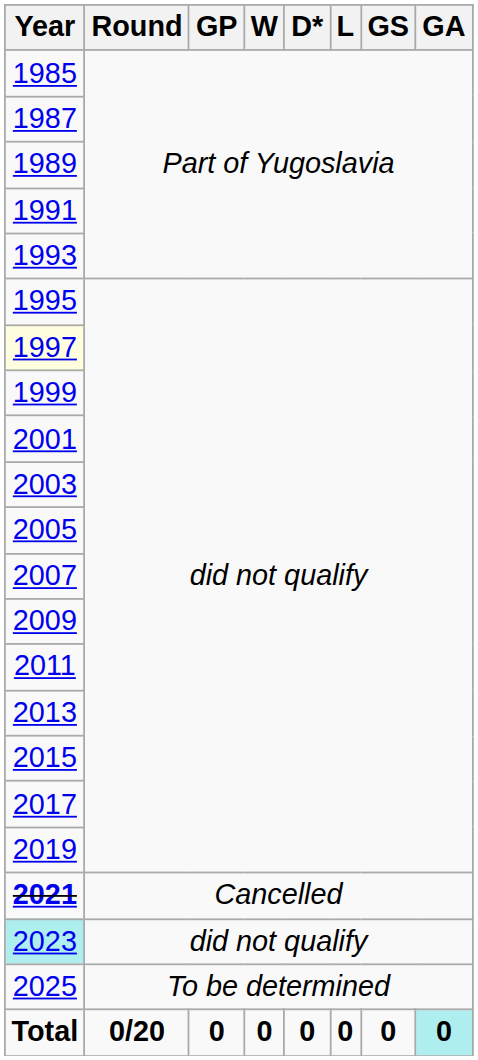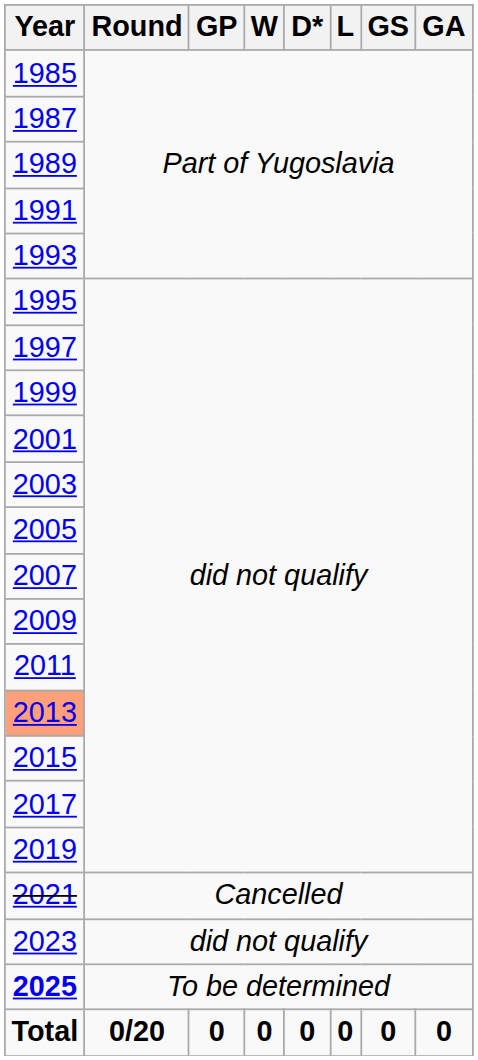 <table class="wikitable" style="text-align: center;">
 <tr>
 <th>Year</th>
 <th>Round</th>
 <th>GP</th>
 <th>W</th>
 <th>D*</th>
 <th>L</th>
 <th>GS</th>
 <th>GA</th>
 </tr>
 <tr>
 <td> <a href='#'>1985</a></td>
 <td rowspan=5 colspan=7><em>Part of Yugoslavia</em></td>
 </tr>
 <tr>
 <td> <a href='#'>1987</a></td>
 </tr>
 <tr>
 <td> <a href='#'>1989</a></td>
 </tr>
 <tr>
 <td> <a href='#'>1991</a></td>
 </tr>
 <tr>
 <td> <a href='#'>1993</a></td>
 </tr>
 <tr>
 <td> <a href='#'>1995</a></td>
 <td rowspan=13 colspan=7><em>did not qualify</em></td>
 </tr>
 <tr>
-<td style="background: lightyellow;"> <a href='#'>1997</a></td>
+<td> <a href='#'>1997</a></td>
 </tr>
 <tr>
 <td> <a href='#'>1999</a></td>
 </tr>
 <tr>
 <td> <a href='#'>2001</a></td>
 </tr>
 <tr>
 <td> <a href='#'>2003</a></td>
 </tr>
 <tr>
 <td> <a href='#'>2005</a></td>
 </tr>
 <tr>
 <td> <a href='#'>2007</a></td>
 </tr>
 <tr>
 <td> <a href='#'>2009</a></td>
 </tr>
 <tr>
 <td> <a href='#'>2011</a></td>
 </tr>
 <tr>
-<td> <a href='#'>2013</a></td>
+<td style="background: lightsalmon;"> <a href='#'>2013</a></td>
 </tr>
 <tr>
 <td> <a href='#'>2015</a></td>
 </tr>
 <tr>
 <td> <a href='#'>2017</a></td>
 </tr>
 <tr>
 <td> <a href='#'>2019</a></td>
 </tr>
 <tr>
-<td><strong> <s><a href='#'>2021</a></s></strong></td>
+<td> <s><a href='#'>2021</a></s></td>
 <td colspan=7><em>Cancelled</em></td>
 </tr>
 <tr>
-<td style="background: paleturquoise;"> <a href='#'>2023</a></td>
+<td> <a href='#'>2023</a></td>
 <td colspan=7><em>did not qualify</em></td>
 </tr>
 <tr>
-<td> <a href='#'>2025</a></td>
+<td><strong> <a href='#'>2025</a></strong></td>
 <td colspan=7><em>To be determined</em></td>
 </tr>
 <tr>
 <td><strong>Total</strong></td>
 <td><strong>0/20</strong></td>
 <td><strong>0</strong></td>
 <td><strong>0</strong></td>
 <td><strong>0</strong></td>
 <td><strong>0</strong></td>
 <td><strong>0</strong></td>
-<td style="background: paleturquoise;"><strong>0</strong></td>
+<td><strong>0</strong></td>
 </tr>
 </table>
